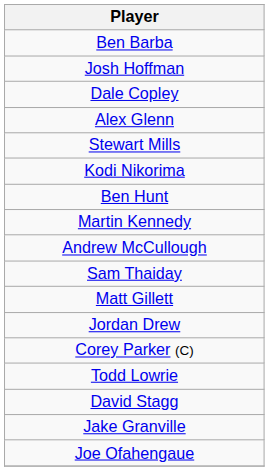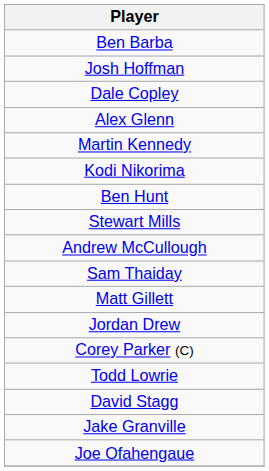 <table class="wikitable" style="text-align: center;">
 <tr>
 <th style="width:250px;">Player</th>
 </tr>
 <tr>
 <td><a href='#'>Ben Barba</a></td>
 </tr>
 <tr>
 <td><a href='#'>Josh Hoffman</a></td>
 </tr>
 <tr>
 <td><a href='#'>Dale Copley</a></td>
 </tr>
 <tr>
 <td><a href='#'>Alex Glenn</a></td>
 </tr>
 <tr>
-<td><a href='#'>Stewart Mills</a></td>
+<td><a href='#'>Martin Kennedy</a></td>
 </tr>
 <tr>
 <td><a href='#'>Kodi Nikorima</a></td>
 </tr>
 <tr>
 <td><a href='#'>Ben Hunt</a></td>
 </tr>
 <tr>
-<td><a href='#'>Martin Kennedy</a></td>
+<td><a href='#'>Stewart Mills</a></td>
 </tr>
 <tr>
 <td><a href='#'>Andrew McCullough</a></td>
 </tr>
 <tr>
 <td><a href='#'>Sam Thaiday</a></td>
 </tr>
 <tr>
 <td><a href='#'>Matt Gillett</a></td>
 </tr>
 <tr>
 <td><a href='#'>Jordan Drew</a></td>
 </tr>
 <tr>
 <td><a href='#'>Corey Parker</a> <small>(C)</small></td>
 </tr>
 <tr>
 <td><a href='#'>Todd Lowrie</a></td>
 </tr>
 <tr>
 <td><a href='#'>David Stagg</a></td>
 </tr>
 <tr>
 <td><a href='#'>Jake Granville</a></td>
 </tr>
 <tr>
 <td><a href='#'>Joe Ofahengaue</a></td>
 </tr>
 <tr>
 </tr>
 </table>
